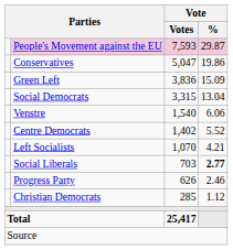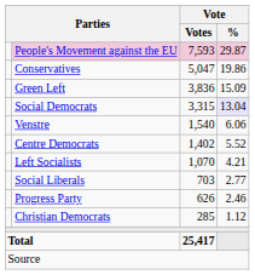 <table class="wikitable" style="text-align:right;">
 <tr>
 <th style="text-align:centre;" rowspan="2" colspan="2" width="225">Parties</th>
 <th colspan="3">Vote</th>
 </tr>
 <tr>
 <th width="15">Votes</th>
 <th width="15">%</th>
 </tr>
 <tr>
 <td width="2" style="color:inherit;background:"></td>
 <td bgcolor=#f3c9dc   align="left"><a href='#'>People's Movement against the EU</a></td>
 <td bgcolor=#f3c9dc>7,593</td>
 <td bgcolor=#f3c9dc>29.87</td>
 </tr>
 <tr>
 <td width="2" style="color:inherit;background:"></td>
 <td align="left"><a href='#'>Conservatives</a></td>
 <td>5,047</td>
 <td>19.86</td>
 </tr>
 <tr>
 <td width="2" style="color:inherit;background:"></td>
 <td align="left"><a href='#'>Green Left</a></td>
 <td>3,836</td>
 <td>15.09</td>
 </tr>
 <tr>
 <td width="2" style="color:inherit;background:"></td>
 <td align="left"><a href='#'>Social Democrats</a></td>
 <td>3,315</td>
-<td>13.04</td>
+<td style="background: lavender;">13.04</td>
 </tr>
 <tr>
 <td width="2" style="color:inherit;background:"></td>
 <td align="left"><a href='#'>Venstre</a></td>
 <td>1,540</td>
 <td>6.06</td>
 </tr>
 <tr>
 <td width="2" style="color:inherit;background:"></td>
 <td align="left"><a href='#'>Centre Democrats</a></td>
 <td>1,402</td>
 <td>5.52</td>
 </tr>
 <tr>
 <td width="2" style="color:inherit;background:"></td>
 <td align="left"><a href='#'>Left Socialists</a></td>
 <td>1,070</td>
 <td>4.21</td>
 </tr>
 <tr>
 <td width="2" style="color:inherit;background:"></td>
 <td align="left"><a href='#'>Social Liberals</a></td>
 <td>703</td>
-<td><strong>2.77</strong></td>
+<td>2.77</td>
 </tr>
 <tr>
 <td width="2" style="color:inherit;background:"></td>
 <td align="left"><a href='#'>Progress Party</a></td>
 <td>626</td>
 <td>2.46</td>
 </tr>
 <tr>
 <td width="2" style="color:inherit;background:"></td>
 <td align="left"><a href='#'>Christian Democrats</a></td>
 <td>285</td>
 <td>1.12</td>
 </tr>
 <tr>
 <td colspan="7" bgcolor="#E9E9E9"></td>
 </tr>
 <tr>
 <td align="left" colspan="2"><strong>Total</strong></td>
 <td><strong>25,417</strong></td>
 <td bgcolor="#E9E9E9" colspan="2"></td>
 </tr>
 <tr>
 <td align="left" colspan="6">Source</td>
 </tr>
 </table>
